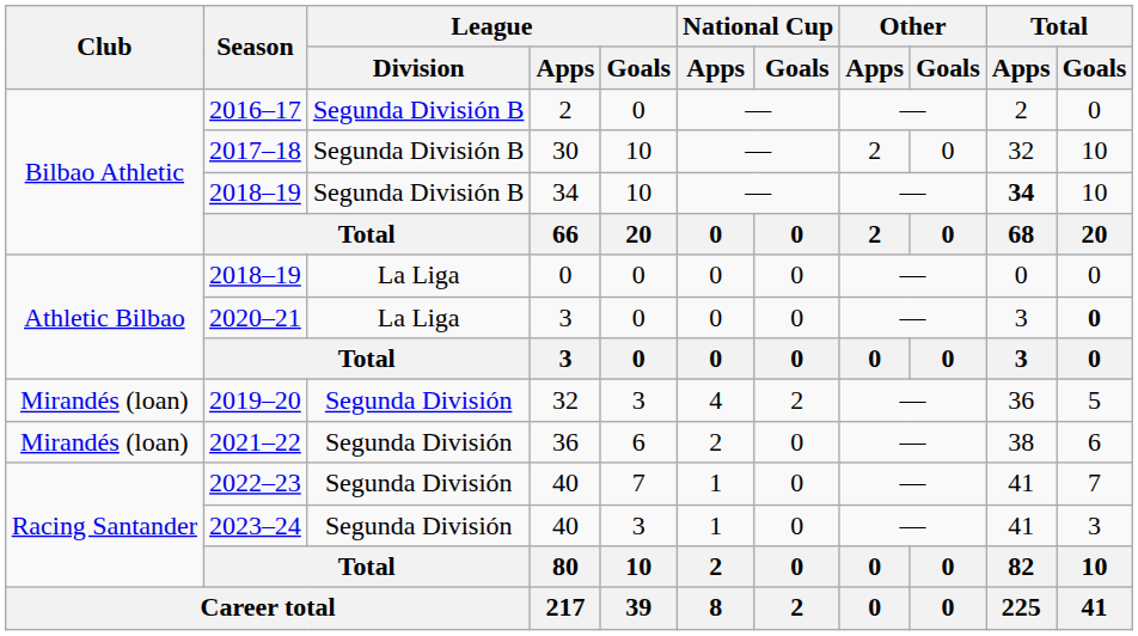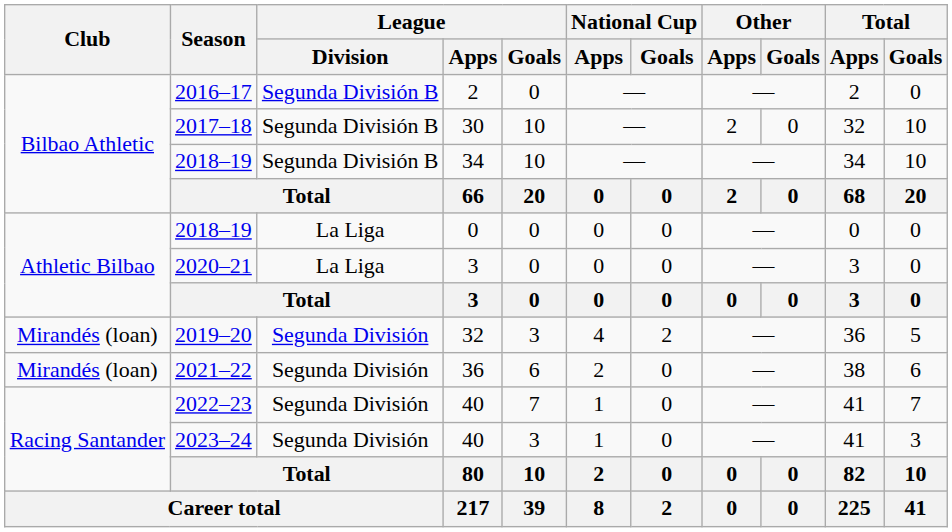 <table class="wikitable" style="text-align:center">
 <tr>
 <th rowspan="2">Club</th>
 <th rowspan="2">Season</th>
 <th colspan="3">League</th>
 <th colspan="2">National Cup</th>
 <th colspan="2">Other</th>
 <th colspan="2">Total</th>
 </tr>
 <tr>
 <th>Division</th>
 <th>Apps</th>
 <th>Goals</th>
 <th>Apps</th>
 <th>Goals</th>
 <th>Apps</th>
 <th>Goals</th>
 <th>Apps</th>
 <th>Goals</th>
 </tr>
 <tr>
 <td rowspan="4"><a href='#'>Bilbao Athletic</a></td>
 <td><a href='#'>2016–17</a></td>
 <td><a href='#'>Segunda División B</a></td>
 <td>2</td>
 <td>0</td>
 <td colspan="2">—</td>
 <td colspan="2">—</td>
 <td>2</td>
 <td>0</td>
 </tr>
 <tr>
 <td><a href='#'>2017–18</a></td>
 <td>Segunda División B</td>
 <td>30</td>
 <td>10</td>
 <td colspan="2">—</td>
 <td>2</td>
 <td>0</td>
 <td>32</td>
 <td>10</td>
 </tr>
 <tr>
 <td><a href='#'>2018–19</a></td>
 <td>Segunda División B</td>
 <td>34</td>
 <td>10</td>
 <td colspan="2">—</td>
 <td colspan="2">—</td>
-<td><strong>34</strong></td>
+<td>34</td>
 <td>10</td>
 </tr>
 <tr>
 <th colspan="2">Total</th>
 <th>66</th>
 <th>20</th>
 <th>0</th>
 <th>0</th>
 <th>2</th>
 <th>0</th>
 <th>68</th>
 <th>20</th>
 </tr>
 <tr>
 <td rowspan="3"><a href='#'>Athletic Bilbao</a></td>
 <td><a href='#'>2018–19</a></td>
 <td>La Liga</td>
 <td>0</td>
 <td>0</td>
 <td>0</td>
 <td>0</td>
 <td colspan="2">—</td>
 <td>0</td>
 <td>0</td>
 </tr>
 <tr>
 <td><a href='#'>2020–21</a></td>
 <td>La Liga</td>
 <td>3</td>
 <td>0</td>
 <td>0</td>
 <td>0</td>
 <td colspan="2">—</td>
 <td>3</td>
-<td><strong>0</strong></td>
+<td>0</td>
 </tr>
 <tr>
 <th colspan="2">Total</th>
 <th>3</th>
 <th>0</th>
 <th>0</th>
 <th>0</th>
 <th>0</th>
 <th>0</th>
 <th>3</th>
 <th>0</th>
 </tr>
 <tr>
 <td><a href='#'>Mirandés</a> (loan)</td>
 <td><a href='#'>2019–20</a></td>
 <td><a href='#'>Segunda División</a></td>
 <td>32</td>
 <td>3</td>
 <td>4</td>
 <td>2</td>
 <td colspan="2">—</td>
 <td>36</td>
 <td>5</td>
 </tr>
 <tr>
 <td><a href='#'>Mirandés</a> (loan)</td>
 <td><a href='#'>2021–22</a></td>
 <td>Segunda División</td>
 <td>36</td>
 <td>6</td>
 <td>2</td>
 <td>0</td>
 <td colspan="2">—</td>
 <td>38</td>
 <td>6</td>
 </tr>
 <tr>
 <td rowspan="3"><a href='#'>Racing Santander</a></td>
 <td><a href='#'>2022–23</a></td>
 <td>Segunda División</td>
 <td>40</td>
 <td>7</td>
 <td>1</td>
 <td>0</td>
 <td colspan="2">—</td>
 <td>41</td>
 <td>7</td>
 </tr>
 <tr>
 <td><a href='#'>2023–24</a></td>
 <td>Segunda División</td>
 <td>40</td>
 <td>3</td>
 <td>1</td>
 <td>0</td>
 <td colspan="2">—</td>
 <td>41</td>
 <td>3</td>
 </tr>
 <tr>
 <th colspan="2">Total</th>
 <th>80</th>
 <th>10</th>
 <th>2</th>
 <th>0</th>
 <th>0</th>
 <th>0</th>
 <th>82</th>
 <th>10</th>
 </tr>
 <tr>
 <th colspan="3">Career total</th>
 <th>217</th>
 <th>39</th>
 <th>8</th>
 <th>2</th>
 <th>0</th>
 <th>0</th>
 <th>225</th>
 <th>41</th>
 </tr>
 </table>
